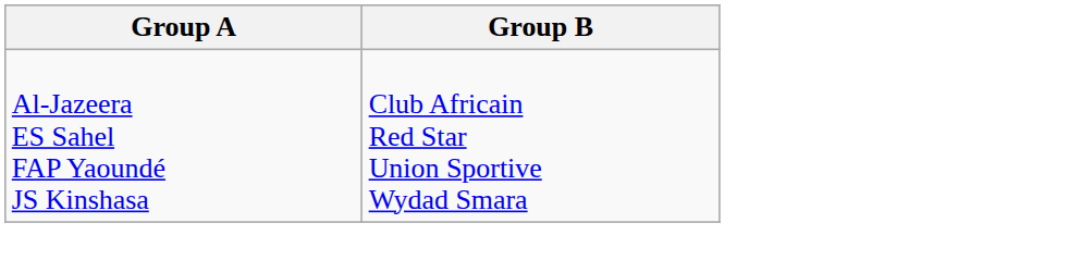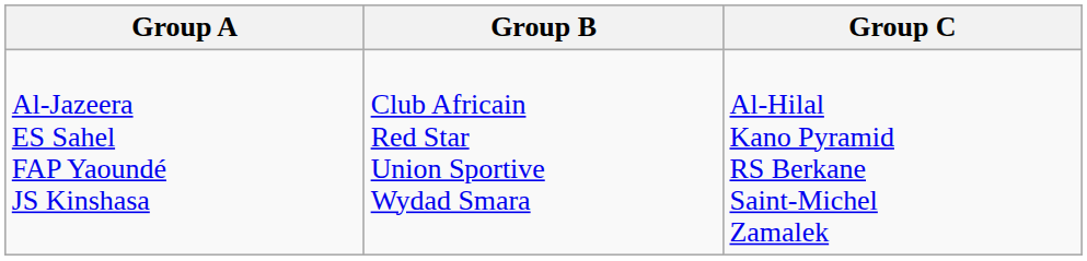 <table class="wikitable">
 <tr>
 <th width=195px>Group A</th>
 <th width=195px>Group B</th>
+<th width=195px>Group C</th>
 </tr>
 <tr>
 <td valign=top><br> <a href='#'>Al-Jazeera</a><br>  <a href='#'>ES Sahel</a><br>  <a href='#'>FAP Yaoundé</a><br>  <a href='#'>JS Kinshasa</a></td>
 <td valign=top><br> <a href='#'>Club Africain</a><br>  <a href='#'>Red Star</a><br>  <a href='#'>Union Sportive</a><br>  <a href='#'>Wydad Smara</a></td>
+<td valign=top><br> <a href='#'>Al-Hilal</a><br>  <a href='#'>Kano Pyramid</a><br>  <a href='#'>RS Berkane</a><br>  <a href='#'>Saint-Michel</a><br>  <a href='#'>Zamalek</a></td>
 </tr>
 </table>
